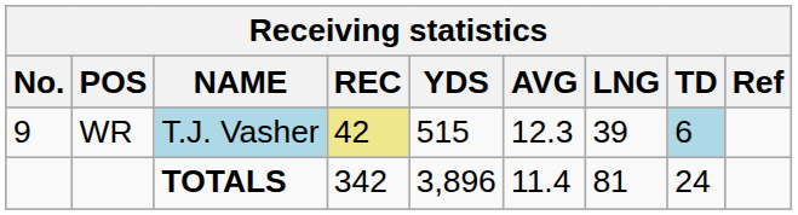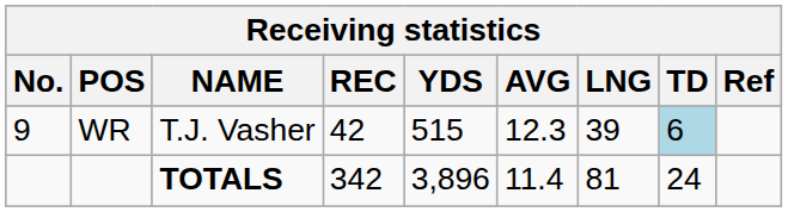 <table class="wikitable collapsible collapsed">
 <tr>
 <th colspan="9">Receiving statistics</th>
 </tr>
 <tr>
 <th>No.</th>
 <th>POS</th>
 <th>NAME</th>
 <th>REC</th>
 <th>YDS</th>
 <th>AVG</th>
 <th>LNG</th>
 <th>TD</th>
 <th>Ref</th>
 </tr>
 <tr>
 <td>9</td>
 <td>WR</td>
-<td style="background: lightblue;">T.J. Vasher</td>
-<td style="background: khaki;">42</td>
+<td>T.J. Vasher</td>
+<td>42</td>
 <td>515</td>
 <td>12.3</td>
 <td>39</td>
 <td style="background: lightblue;">6</td>
 <td></td>
 </tr>
 <tr>
 <td></td>
 <td></td>
 <td><strong>TOTALS</strong></td>
 <td>342</td>
 <td>3,896</td>
 <td>11.4</td>
 <td>81</td>
 <td>24</td>
 <td></td>
 </tr>
 </table>
